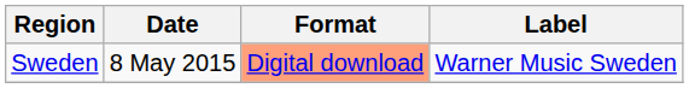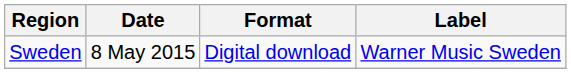 <table class=wikitable>
 <tr>
 <th>Region</th>
 <th>Date</th>
 <th>Format</th>
 <th>Label</th>
 </tr>
 <tr>
 <td><a href='#'>Sweden</a></td>
 <td>8 May 2015</td>
-<td style="background: lightsalmon;"><a href='#'>Digital download</a></td>
+<td><a href='#'>Digital download</a></td>
 <td><a href='#'>Warner Music Sweden</a></td>
 </tr>
 <tr>
 </tr>
 </table>
